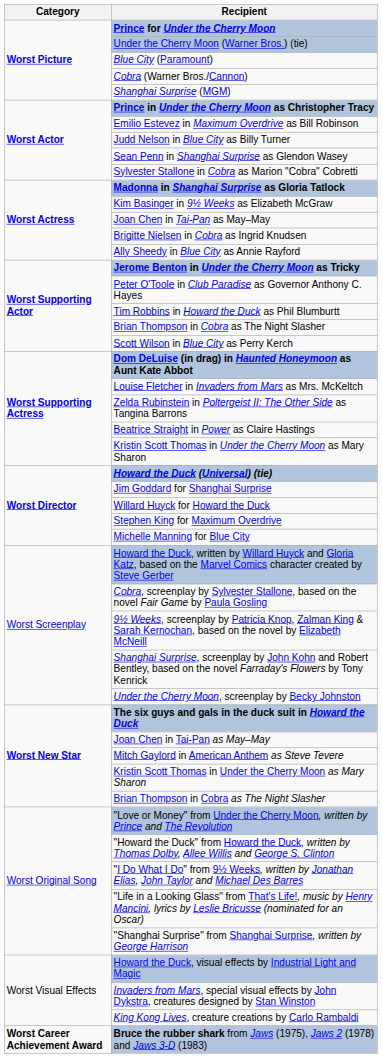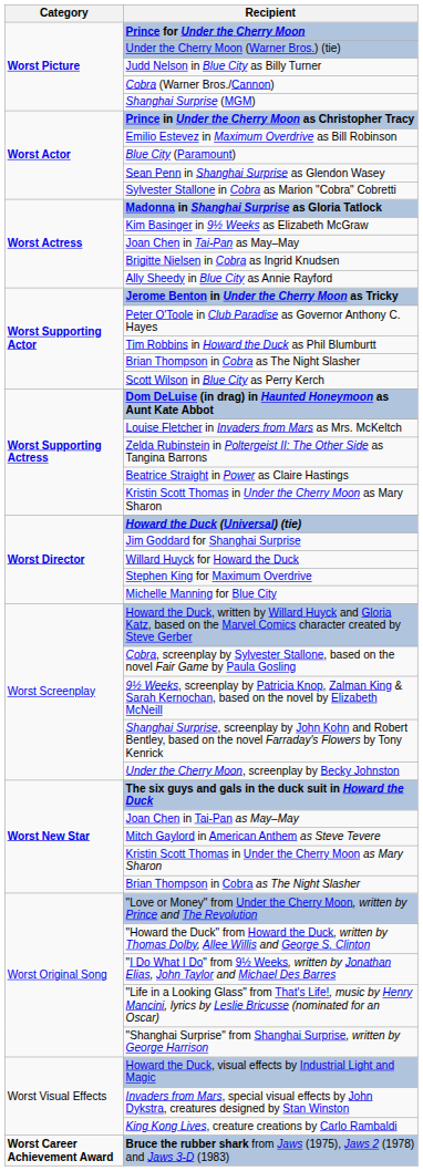 <table class="wikitable" width="95%" align="centre">
 <tr>
 <th>Category</th>
 <th>Recipient</th>
 </tr>
 <tr>
 <td rowspan=5><strong><a href='#'>Worst Picture</a></strong></td>
 <td style="background:#B0C4DE;"><strong><a href='#'>Prince</a> for <em><a href='#'>Under the Cherry Moon</a><strong><em></td>
 </tr>
 <tr>
 <td style="background:#B0C4DE;"></em></strong><a href='#'>Under the Cherry Moon</a></em> (<a href='#'>Warner Bros.</a>)</strong> (tie)</td>
 </tr>
 <tr>
-<td><em><a href='#'>Blue City</a></em> (<a href='#'>Paramount</a>)</td>
+<td><a href='#'>Judd Nelson</a> in <em><a href='#'>Blue City</a></em> as Billy Turner</td>
 </tr>
 <tr>
 <td><em><a href='#'>Cobra</a></em> (Warner Bros./<a href='#'>Cannon</a>)</td>
 </tr>
 <tr>
 <td><em><a href='#'>Shanghai Surprise</a></em> (<a href='#'>MGM</a>)</td>
 </tr>
 <tr>
 <td rowspan=5><strong><a href='#'>Worst Actor</a></strong></td>
 <td style="background:#B0C4DE;"><strong><a href='#'>Prince</a> in <em><a href='#'>Under the Cherry Moon</a></em> as Christopher Tracy</strong></td>
 </tr>
 <tr>
 <td><a href='#'>Emilio Estevez</a> in <em><a href='#'>Maximum Overdrive</a></em> as Bill Robinson</td>
 </tr>
 <tr>
-<td><a href='#'>Judd Nelson</a> in <em><a href='#'>Blue City</a></em> as Billy Turner</td>
+<td><em><a href='#'>Blue City</a></em> (<a href='#'>Paramount</a>)</td>
 </tr>
 <tr>
 <td><a href='#'>Sean Penn</a> in <em><a href='#'>Shanghai Surprise</a></em> as Glendon Wasey</td>
 </tr>
 <tr>
 <td><a href='#'>Sylvester Stallone</a> in <em><a href='#'>Cobra</a></em> as Marion "Cobra" Cobretti</td>
 </tr>
 <tr>
 <td rowspan=5><strong><a href='#'>Worst Actress</a></strong></td>
 <td style="background:#B0C4DE;"><strong><a href='#'>Madonna</a> in <em><a href='#'>Shanghai Surprise</a></em> as Gloria Tatlock</strong></td>
 </tr>
 <tr>
 <td><a href='#'>Kim Basinger</a> in <em><a href='#'>9½ Weeks</a></em> as Elizabeth McGraw</td>
 </tr>
 <tr>
 <td><a href='#'>Joan Chen</a> in <em><a href='#'>Tai-Pan</a></em> as May–May</td>
 </tr>
 <tr>
 <td><a href='#'>Brigitte Nielsen</a> in <em><a href='#'>Cobra</a></em> as Ingrid Knudsen</td>
 </tr>
 <tr>
 <td><a href='#'>Ally Sheedy</a> in <em><a href='#'>Blue City</a></em> as Annie Rayford</td>
 </tr>
 <tr>
 <td rowspan=5><strong><a href='#'>Worst Supporting Actor</a></strong></td>
 <td style="background:#B0C4DE;"><strong><a href='#'>Jerome Benton</a> in <em><a href='#'>Under the Cherry Moon</a></em> as Tricky</strong></td>
 </tr>
 <tr>
 <td><a href='#'>Peter O'Toole</a> in <em><a href='#'>Club Paradise</a></em> as Governor Anthony C. Hayes</td>
 </tr>
 <tr>
 <td><a href='#'>Tim Robbins</a> in <em><a href='#'>Howard the Duck</a></em> as Phil Blumburtt</td>
 </tr>
 <tr>
 <td><a href='#'>Brian Thompson</a> in <em><a href='#'>Cobra</a></em> as The Night Slasher</td>
 </tr>
 <tr>
 <td><a href='#'>Scott Wilson</a> in <em><a href='#'>Blue City</a></em> as Perry Kerch</td>
 </tr>
 <tr>
 <td rowspan=5><strong><a href='#'>Worst Supporting Actress</a></strong></td>
 <td style="background:#B0C4DE;"><strong><a href='#'>Dom DeLuise</a> (in drag) in <em><a href='#'>Haunted Honeymoon</a></em> as Aunt Kate Abbot</strong></td>
 </tr>
 <tr>
 <td><a href='#'>Louise Fletcher</a> in <em><a href='#'>Invaders from Mars</a></em> as Mrs. McKeltch</td>
 </tr>
 <tr>
 <td><a href='#'>Zelda Rubinstein</a> in <em><a href='#'>Poltergeist II: The Other Side</a></em> as Tangina Barrons</td>
 </tr>
 <tr>
 <td><a href='#'>Beatrice Straight</a> in <em><a href='#'>Power</a></em> as Claire Hastings</td>
 </tr>
 <tr>
 <td><a href='#'>Kristin Scott Thomas</a> in <em><a href='#'>Under the Cherry Moon</a></em> as Mary Sharon</td>
 </tr>
 <tr>
 <td rowspan=5><strong><a href='#'>Worst Director</a></strong></td>
 <td style="background:#B0C4DE;"><strong><em><a href='#'>Howard the Duck</a><em> (<a href='#'>Universal</a>)<strong> (tie)</td>
 </tr>
 <tr>
 <td><a href='#'>Jim Goddard</a> for </em><a href='#'>Shanghai Surprise</a><em></td>
 </tr>
 <tr>
 <td><a href='#'>Willard Huyck</a> for </em><a href='#'>Howard the Duck</a><em></td>
 </tr>
 <tr>
 <td><a href='#'>Stephen King</a> for </em><a href='#'>Maximum Overdrive</a><em></td>
 </tr>
 <tr>
 <td><a href='#'>Michelle Manning</a> for </em><a href='#'>Blue City</a><em></td>
 </tr>
 <tr>
 <td rowspan=5></strong><a href='#'>Worst Screenplay</a><strong></td>
 <td style="background:#B0C4DE;"></em></strong><a href='#'>Howard the Duck</a></em>, written by <a href='#'>Willard Huyck</a> and <a href='#'>Gloria Katz</a>, based on the <a href='#'>Marvel Comics</a> character created by <a href='#'>Steve Gerber</a></strong></td>
 </tr>
 <tr>
 <td><em><a href='#'>Cobra</a></em>, screenplay by <a href='#'>Sylvester Stallone</a>, based on the novel <em>Fair Game</em> by <a href='#'>Paula Gosling</a></td>
 </tr>
 <tr>
 <td><em><a href='#'>9½ Weeks</a></em>, screenplay by <a href='#'>Patricia Knop</a>, <a href='#'>Zalman King</a> & <a href='#'>Sarah Kernochan</a>, based on the novel by <a href='#'>Elizabeth McNeill</a></td>
 </tr>
 <tr>
 <td><em><a href='#'>Shanghai Surprise</a></em>, screenplay by <a href='#'>John Kohn</a> and Robert Bentley, based on the novel <em>Farraday's Flowers</em> by Tony Kenrick</td>
 </tr>
 <tr>
 <td><em><a href='#'>Under the Cherry Moon</a></em>, screenplay by <a href='#'>Becky Johnston</a></td>
 </tr>
 <tr>
 <td rowspan=5><strong><a href='#'>Worst New Star</a></strong></td>
 <td style="background:#B0C4DE;"><strong>The six guys and gals in the duck suit in <em><a href='#'>Howard the Duck</a><strong><em></td>
 </tr>
 <tr>
 <td><a href='#'>Joan Chen</a> in </em><a href='#'>Tai-Pan</a><em> as May–May</td>
 </tr>
 <tr>
 <td><a href='#'>Mitch Gaylord</a> in </em><a href='#'>American Anthem</a><em> as Steve Tevere</td>
 </tr>
 <tr>
 <td><a href='#'>Kristin Scott Thomas</a> in </em><a href='#'>Under the Cherry Moon</a><em> as Mary Sharon</td>
 </tr>
 <tr>
 <td><a href='#'>Brian Thompson</a> in </em><a href='#'>Cobra</a><em> as The Night Slasher</td>
 </tr>
 <tr>
 <td rowspan=5></strong><a href='#'>Worst Original Song</a><strong></td>
 <td style="background:#B0C4DE;"></strong>"Love or Money" from </em><a href='#'>Under the Cherry Moon</a><em>, written by <a href='#'>Prince</a> and <a href='#'>The Revolution</a><strong></td>
 </tr>
 <tr>
 <td>"Howard the Duck" from </em><a href='#'>Howard the Duck</a><em>, written by <a href='#'>Thomas Dolby</a>, <a href='#'>Allee Willis</a> and <a href='#'>George S. Clinton</a></td>
 </tr>
 <tr>
 <td>"<a href='#'>I Do What I Do</a>" from </em><a href='#'>9½ Weeks</a><em>, written by <a href='#'>Jonathan Elias</a>, <a href='#'>John Taylor</a> and <a href='#'>Michael Des Barres</a></td>
 </tr>
 <tr>
 <td>"Life in a Looking Glass" from </em><a href='#'>That's Life!</a><em>, music by <a href='#'>Henry Mancini</a>, lyrics by <a href='#'>Leslie Bricusse</a> (nominated for an Oscar)</td>
 </tr>
 <tr>
 <td>"Shanghai Surprise" from </em><a href='#'>Shanghai Surprise</a><em>, written by <a href='#'>George Harrison</a></td>
 </tr>
 <tr>
 <td rowspan=3></strong>Worst Visual Effects<strong></td>
 <td style="background:#B0C4DE;"></em></strong><a href='#'>Howard the Duck</a></em>, visual effects by <a href='#'>Industrial Light and Magic</a></strong></td>
 </tr>
 <tr>
 <td><em><a href='#'>Invaders from Mars</a></em>, special visual effects by <a href='#'>John Dykstra</a>, creatures designed by <a href='#'>Stan Winston</a></td>
 </tr>
 <tr>
 <td><em><a href='#'>King Kong Lives</a></em>, creature creations by <a href='#'>Carlo Rambaldi</a></td>
 </tr>
 <tr>
 <td rowspan=1><strong>Worst Career Achievement Award</strong></td>
 <td style="background:#B0C4DE;"><strong>Bruce the rubber shark</strong> from <em><a href='#'>Jaws</a></em> (1975), <em><a href='#'>Jaws 2</a></em> (1978) and <em><a href='#'>Jaws 3-D</a></em> (1983)</td>
 </tr>
 </table>
